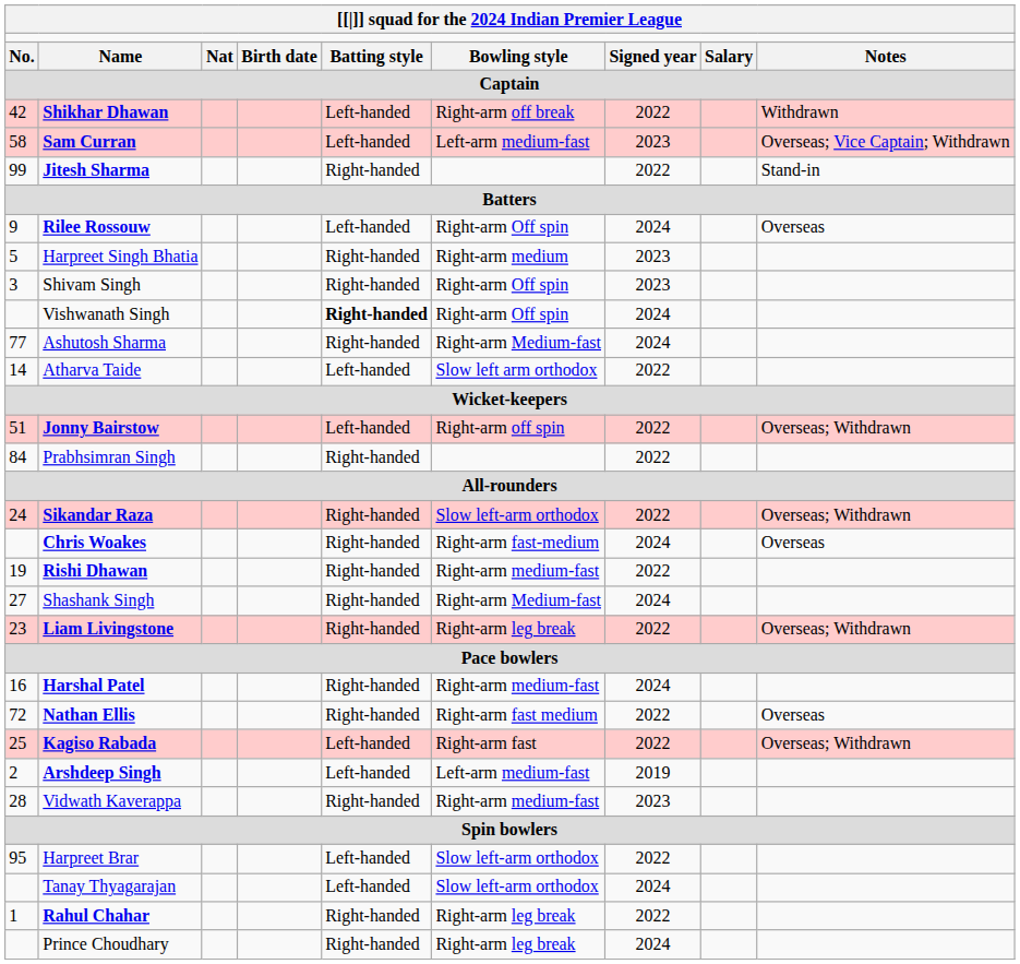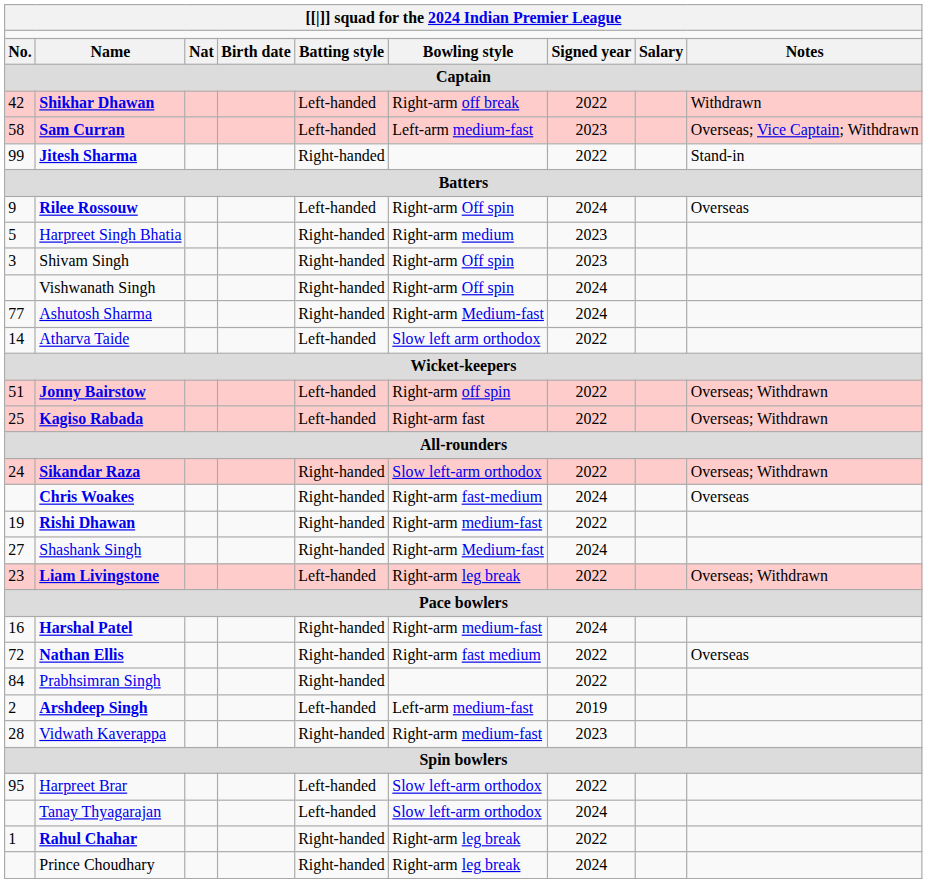 <table class="wikitable mw-collapsible mw-collapsed" style="font-size:85%">
 <tr>
 <th colspan="9" style="background:#"><span>[[|<span></span>]] squad for the <a href='#'><span>2024 Indian Premier League</span></a></span></th>
 </tr>
 <tr>
 <td colspan="9"></td>
 </tr>
 <tr>
 <th>No.</th>
 <th>Name</th>
 <th>Nat</th>
 <th>Birth date</th>
 <th>Batting style</th>
 <th>Bowling style</th>
 <th>Signed year</th>
 <th>Salary</th>
 <th>Notes</th>
 </tr>
 <tr>
 <th colspan="9"  style="background:#dcdcdc; text-align:center;">Captain</th>
 </tr>
 <tr style="background:#FFCCCC">
 <td>42</td>
 <td><strong><a href='#'>Shikhar Dhawan</a></strong></td>
 <td></td>
 <td></td>
 <td>Left-handed</td>
 <td>Right-arm <a href='#'>off break</a></td>
 <td style="text-align:center;">2022</td>
 <td style="text-align:right;"></td>
 <td>Withdrawn</td>
 </tr>
 <tr style="background:#FFCCCC">
 <td>58</td>
 <td><strong><a href='#'>Sam Curran</a></strong></td>
 <td></td>
 <td></td>
 <td>Left-handed</td>
 <td>Left-arm <a href='#'>medium-fast</a></td>
 <td style="text-align:center;">2023</td>
 <td style="text-align:right;"></td>
 <td>Overseas; <a href='#'>Vice Captain</a>; Withdrawn</td>
 </tr>
 <tr>
 <td>99</td>
 <td><strong><a href='#'>Jitesh Sharma</a></strong></td>
 <td></td>
 <td></td>
 <td>Right-handed</td>
 <td></td>
 <td style="text-align:center;">2022</td>
 <td style="text-align:right;"></td>
 <td>Stand-in</td>
 </tr>
 <tr>
 <th colspan="9"  style="background:#dcdcdc; text-align:center;">Batters</th>
 </tr>
 <tr>
 <td>9</td>
 <td><strong><a href='#'>Rilee Rossouw</a></strong></td>
 <td></td>
 <td></td>
 <td>Left-handed</td>
 <td>Right-arm <a href='#'>Off spin</a></td>
 <td style="text-align:center;">2024</td>
 <td style="text-align:right;"></td>
 <td>Overseas</td>
 </tr>
 <tr>
 <td>5</td>
 <td><a href='#'>Harpreet Singh Bhatia</a></td>
 <td></td>
 <td></td>
 <td>Right-handed</td>
 <td>Right-arm <a href='#'>medium</a></td>
 <td style="text-align:center;">2023</td>
 <td style="text-align:right;"></td>
 <td></td>
 </tr>
 <tr>
 <td>3</td>
 <td>Shivam Singh</td>
 <td></td>
 <td></td>
 <td>Right-handed</td>
 <td>Right-arm <a href='#'>Off spin</a></td>
 <td style="text-align:center;">2023</td>
 <td style="text-align:right;"></td>
 <td></td>
 </tr>
 <tr>
 <td></td>
 <td>Vishwanath Singh</td>
 <td></td>
 <td></td>
-<td><strong>Right-handed</strong></td>
+<td>Right-handed</td>
 <td>Right-arm <a href='#'>Off spin</a></td>
 <td style="text-align:center;">2024</td>
 <td style="text-align:right;"></td>
 <td></td>
 </tr>
 <tr>
 <td>77</td>
 <td><a href='#'>Ashutosh Sharma</a></td>
 <td></td>
 <td></td>
 <td>Right-handed</td>
 <td>Right-arm <a href='#'>Medium-fast</a></td>
 <td style="text-align:center;">2024</td>
 <td style="text-align:right;"></td>
 <td></td>
 </tr>
 <tr>
 <td>14</td>
 <td><a href='#'>Atharva Taide</a></td>
 <td></td>
 <td></td>
 <td>Left-handed</td>
 <td><a href='#'>Slow left arm orthodox</a></td>
 <td style="text-align:center;">2022</td>
 <td style="text-align:right;"></td>
 <td></td>
 </tr>
 <tr>
 <th colspan="9"  style="background:#dcdcdc; text-align:center;">Wicket-keepers</th>
 </tr>
 <tr style="background:#FFCCCC">
 <td>51</td>
 <td><strong><a href='#'>Jonny Bairstow</a></strong></td>
 <td></td>
 <td></td>
 <td>Left-handed</td>
 <td>Right-arm <a href='#'>off spin</a></td>
 <td style="text-align:center;">2022</td>
 <td style="text-align:right;"></td>
 <td>Overseas; Withdrawn</td>
 </tr>
-<tr>
-<td>84</td>
-<td><a href='#'>Prabhsimran Singh</a></td>
+<tr style="background:#FFCCCC">
+<td>25</td>
+<td><strong><a href='#'>Kagiso Rabada</a></strong></td>
 <td></td>
 <td></td>
-<td>Right-handed</td>
-<td></td>
+<td>Left-handed</td>
+<td>Right-arm fast</td>
 <td style="text-align:center;">2022</td>
 <td style="text-align:right;"></td>
-<td></td>
+<td>Overseas; Withdrawn</td>
 </tr>
 <tr>
 <th colspan="9"  style="background:#dcdcdc; text-align:center;">All-rounders</th>
 </tr>
 <tr style="background:#FFCCCC">
 <td>24</td>
 <td><strong><a href='#'>Sikandar Raza</a></strong></td>
 <td></td>
 <td></td>
 <td>Right-handed</td>
 <td><a href='#'>Slow left-arm orthodox</a></td>
 <td style="text-align:center;">2022</td>
 <td style="text-align:right;"></td>
 <td>Overseas; Withdrawn</td>
 </tr>
 <tr>
 <td></td>
 <td><strong><a href='#'>Chris Woakes</a></strong></td>
 <td></td>
 <td></td>
 <td>Right-handed</td>
 <td>Right-arm <a href='#'>fast-medium</a></td>
 <td style="text-align:center;">2024</td>
 <td style="text-align:right;"></td>
 <td>Overseas</td>
 </tr>
 <tr>
 <td>19</td>
 <td><strong><a href='#'>Rishi Dhawan</a></strong></td>
 <td></td>
 <td></td>
 <td>Right-handed</td>
 <td>Right-arm <a href='#'>medium-fast</a></td>
 <td style="text-align:center;">2022</td>
 <td style="text-align:right;"></td>
 <td></td>
 </tr>
 <tr>
 <td>27</td>
 <td><a href='#'>Shashank Singh</a></td>
 <td></td>
 <td></td>
 <td>Right-handed</td>
 <td>Right-arm <a href='#'>Medium-fast</a></td>
 <td style="text-align:center;">2024</td>
 <td style="text-align:right;"></td>
 <td></td>
 </tr>
 <tr style="background:#FFCCCC">
 <td>23</td>
 <td><strong><a href='#'>Liam Livingstone</a></strong></td>
 <td></td>
 <td></td>
-<td>Right-handed</td>
+<td>Left-handed</td>
 <td>Right-arm <a href='#'>leg break</a></td>
 <td style="text-align:center;">2022</td>
 <td style="text-align:right;"></td>
 <td>Overseas; Withdrawn</td>
 </tr>
 <tr>
 <th colspan="9"  style="background:#dcdcdc; text-align:center;">Pace bowlers</th>
 </tr>
 <tr>
 <td>16</td>
 <td><strong><a href='#'>Harshal Patel</a></strong></td>
 <td></td>
 <td></td>
 <td>Right-handed</td>
 <td>Right-arm <a href='#'>medium-fast</a></td>
 <td style="text-align:center;">2024</td>
 <td style="text-align:right;"></td>
 <td></td>
 </tr>
 <tr>
 <td>72</td>
 <td><strong><a href='#'>Nathan Ellis</a></strong></td>
 <td></td>
 <td></td>
 <td>Right-handed</td>
 <td>Right-arm <a href='#'>fast medium</a></td>
 <td style="text-align:center;">2022</td>
 <td style="text-align:right;"></td>
 <td>Overseas</td>
 </tr>
-<tr style="background:#FFCCCC">
-<td>25</td>
-<td><strong><a href='#'>Kagiso Rabada</a></strong></td>
+<tr>
+<td>84</td>
+<td><a href='#'>Prabhsimran Singh</a></td>
 <td></td>
 <td></td>
-<td>Left-handed</td>
-<td>Right-arm fast</td>
+<td>Right-handed</td>
+<td></td>
 <td style="text-align:center;">2022</td>
 <td style="text-align:right;"></td>
-<td>Overseas; Withdrawn</td>
+<td></td>
 </tr>
 <tr>
 <td>2</td>
 <td><strong><a href='#'>Arshdeep Singh</a></strong></td>
 <td></td>
 <td></td>
 <td>Left-handed</td>
 <td>Left-arm <a href='#'>medium-fast</a></td>
 <td style="text-align:center;">2019</td>
 <td style="text-align:right;"></td>
 <td></td>
 </tr>
 <tr>
 <td>28</td>
 <td><a href='#'>Vidwath Kaverappa</a></td>
 <td></td>
 <td></td>
 <td>Right-handed</td>
 <td>Right-arm <a href='#'>medium-fast</a></td>
 <td style="text-align:center;">2023</td>
 <td style="text-align:right;"></td>
 <td></td>
 </tr>
 <tr>
 <th colspan="9"  style="background:#dcdcdc; text-align:center;">Spin bowlers</th>
 </tr>
 <tr>
 <td>95</td>
 <td><a href='#'>Harpreet Brar</a></td>
 <td></td>
 <td></td>
 <td>Left-handed</td>
 <td><a href='#'>Slow left-arm orthodox</a></td>
 <td style="text-align:center;">2022</td>
 <td style="text-align:right;"></td>
 <td></td>
 </tr>
 <tr>
 <td></td>
 <td><a href='#'>Tanay Thyagarajan</a></td>
 <td></td>
 <td></td>
 <td>Left-handed</td>
 <td><a href='#'>Slow left-arm orthodox</a></td>
 <td style="text-align:center;">2024</td>
 <td style="text-align:right;"></td>
 <td></td>
 </tr>
 <tr>
 <td>1</td>
 <td><strong><a href='#'>Rahul Chahar</a></strong></td>
 <td></td>
 <td></td>
 <td>Right-handed</td>
 <td>Right-arm <a href='#'>leg break</a></td>
 <td style="text-align:center;">2022</td>
 <td style="text-align:right;"></td>
 <td></td>
 </tr>
 <tr>
 <td></td>
 <td>Prince Choudhary</td>
 <td></td>
 <td></td>
 <td>Right-handed</td>
 <td>Right-arm <a href='#'>leg break</a></td>
 <td style="text-align:center;">2024</td>
 <td style="text-align:right;"></td>
 <td></td>
 </tr>
 </table>
